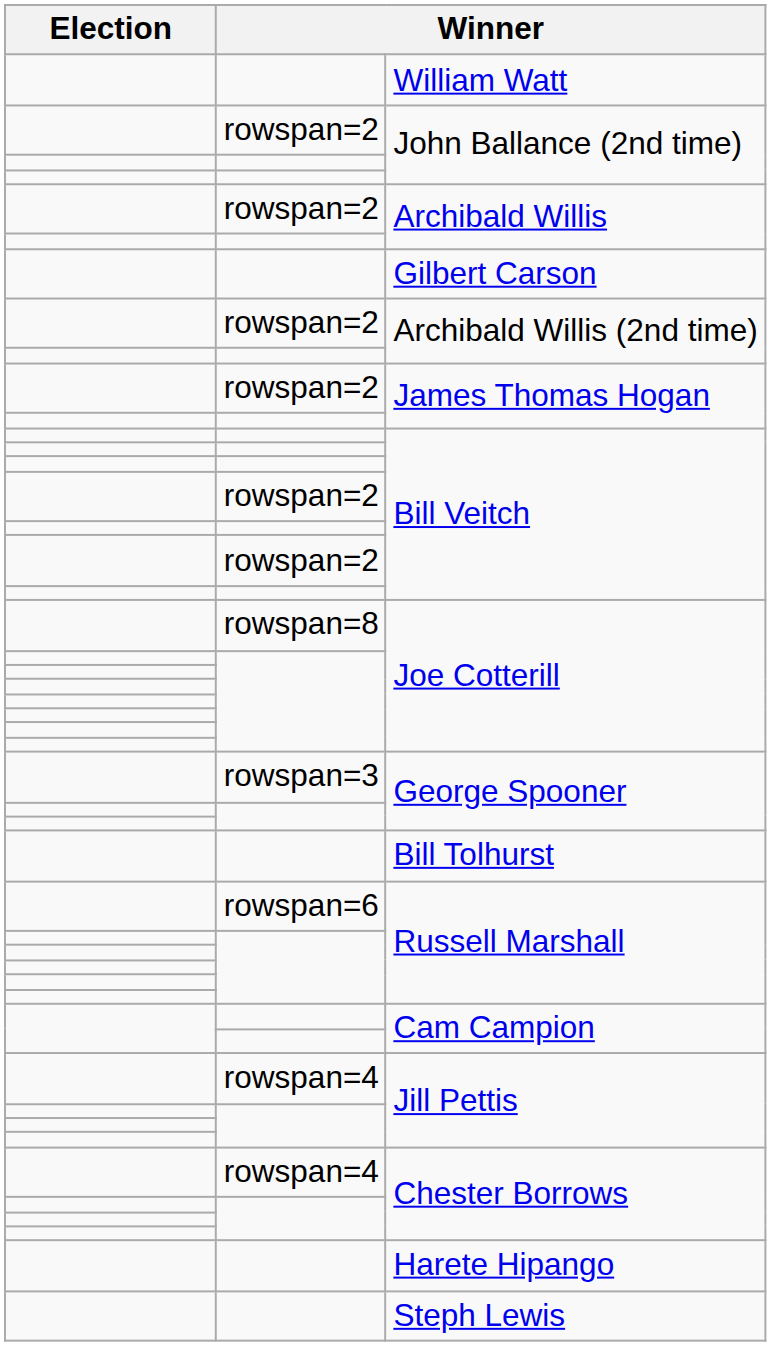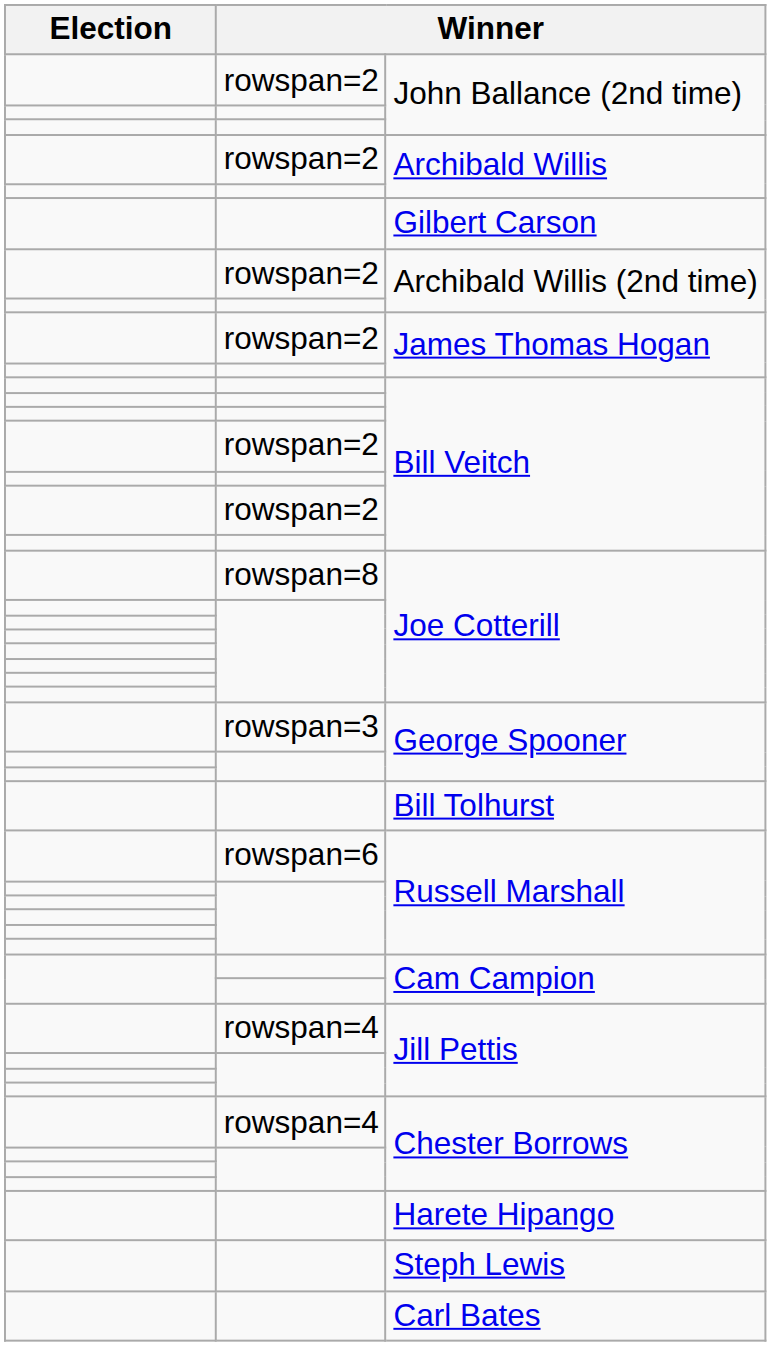 <table class=wikitable>
 <tr>
 <th width=100>Election</th>
 <th width=175 colspan=2>Winner</th>
-</tr>
-<tr>
-<td></td>
-<td></td>
-<td><a href='#'>William Watt</a></td>
 </tr>
 <tr>
 <td></td>
 <td>rowspan=2 </td>
 <td rowspan=3>John Ballance (2nd time)</td>
 </tr>
 <tr>
 <td></td>
 </tr>
 <tr>
 <td></td>
 <td></td>
 </tr>
 <tr>
 <td></td>
 <td>rowspan=2 </td>
 <td rowspan=2><a href='#'>Archibald Willis</a></td>
 </tr>
 <tr>
 <td></td>
 </tr>
 <tr>
 <td></td>
 <td></td>
 <td><a href='#'>Gilbert Carson</a></td>
 </tr>
 <tr>
 <td></td>
 <td>rowspan=2 </td>
 <td rowspan=2>Archibald Willis (2nd time)</td>
 </tr>
 <tr>
 <td></td>
 </tr>
 <tr>
 <td></td>
 <td>rowspan=2 </td>
 <td rowspan=2><a href='#'>James Thomas Hogan</a></td>
 </tr>
 <tr>
 <td></td>
 </tr>
 <tr>
 <td></td>
 <td></td>
 <td rowspan=7><a href='#'>Bill Veitch</a></td>
 </tr>
 <tr>
 <td></td>
 <td></td>
 </tr>
 <tr>
 <td></td>
 <td></td>
 </tr>
 <tr>
 <td></td>
 <td>rowspan=2 </td>
 </tr>
 <tr>
 <td></td>
 </tr>
 <tr>
 <td></td>
 <td>rowspan=2 </td>
 </tr>
 <tr>
 <td></td>
 </tr>
 <tr>
 <td></td>
 <td>rowspan=8 </td>
 <td rowspan=8><a href='#'>Joe Cotterill</a></td>
 </tr>
 <tr>
 <td></td>
 </tr>
 <tr>
 <td></td>
 </tr>
 <tr>
 <td></td>
 </tr>
 <tr>
 <td></td>
 </tr>
 <tr>
 <td></td>
 </tr>
 <tr>
 <td></td>
 </tr>
 <tr>
 <td></td>
 </tr>
 <tr>
 <td></td>
 <td>rowspan=3 </td>
 <td rowspan=3><a href='#'>George Spooner</a></td>
 </tr>
 <tr>
 <td></td>
 </tr>
 <tr>
 <td></td>
 </tr>
 <tr>
 <td></td>
 <td></td>
 <td><a href='#'>Bill Tolhurst</a></td>
 </tr>
 <tr>
 <td></td>
 <td>rowspan=6 </td>
 <td rowspan=6><a href='#'>Russell Marshall</a></td>
 </tr>
 <tr>
 <td></td>
 </tr>
 <tr>
 <td></td>
 </tr>
 <tr>
 <td></td>
 </tr>
 <tr>
 <td></td>
 </tr>
 <tr>
 <td></td>
 </tr>
 <tr>
 <td rowspan=2></td>
 <td></td>
 <td rowspan=2><a href='#'>Cam Campion</a></td>
 </tr>
 <tr>
 <td></td>
 </tr>
 <tr>
 <td></td>
 <td>rowspan=4 </td>
 <td rowspan=4><a href='#'>Jill Pettis</a></td>
 </tr>
 <tr>
 <td></td>
 </tr>
 <tr>
 <td></td>
 </tr>
 <tr>
 <td></td>
 </tr>
 <tr>
 <td></td>
 <td>rowspan=4 </td>
 <td rowspan=4><a href='#'>Chester Borrows</a></td>
 </tr>
 <tr>
 <td></td>
 </tr>
 <tr>
 <td></td>
 </tr>
 <tr>
 <td></td>
 </tr>
 <tr>
 <td></td>
 <td></td>
 <td><a href='#'>Harete Hipango</a></td>
 </tr>
 <tr>
 <td></td>
 <td></td>
 <td><a href='#'>Steph Lewis</a></td>
 </tr>
+<tr>
+<td></td>
+<td></td>
+<td><a href='#'>Carl Bates</a></td>
+</tr>
 </table>
